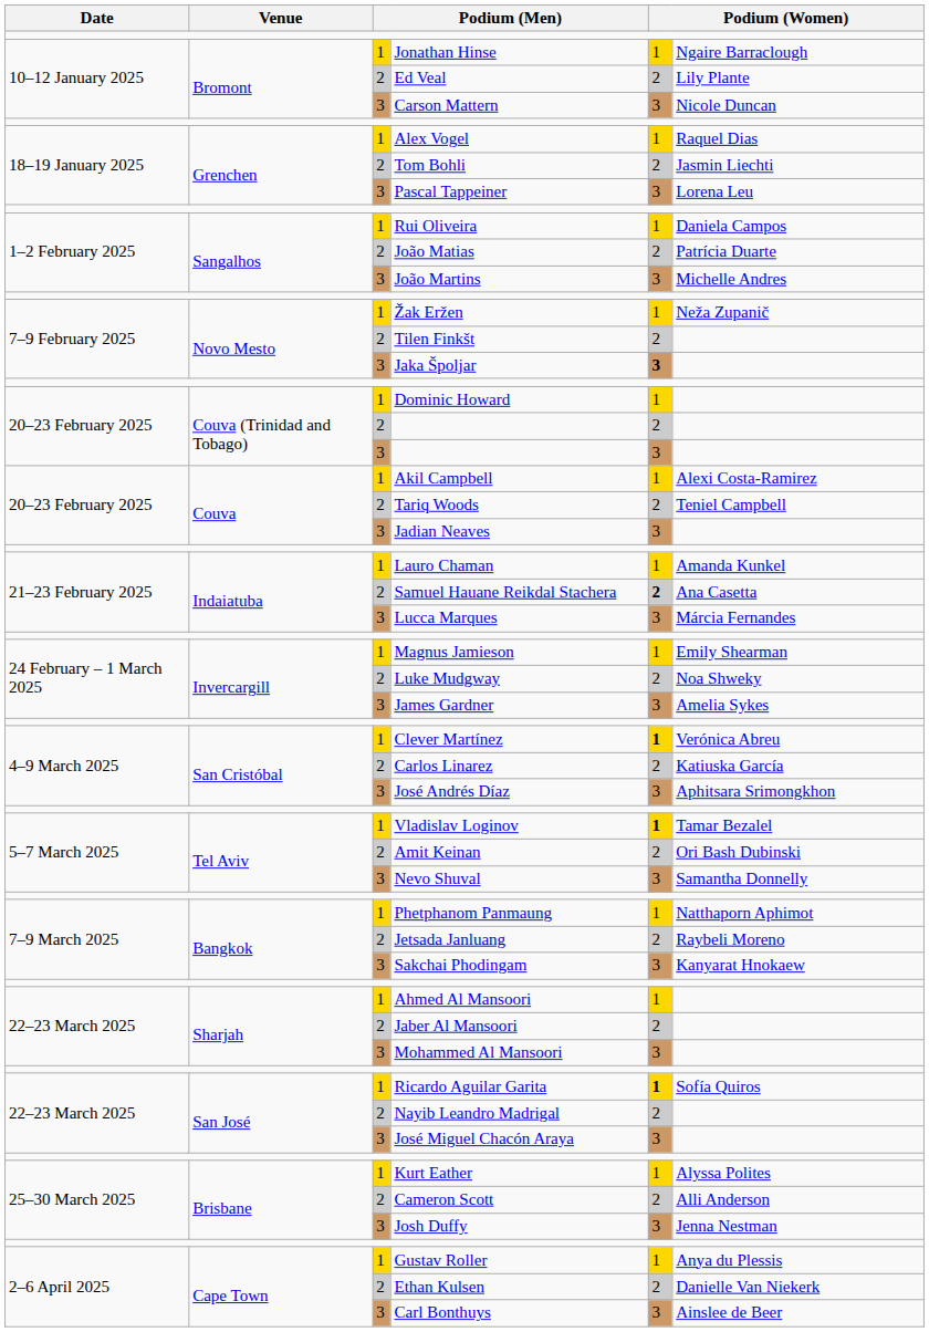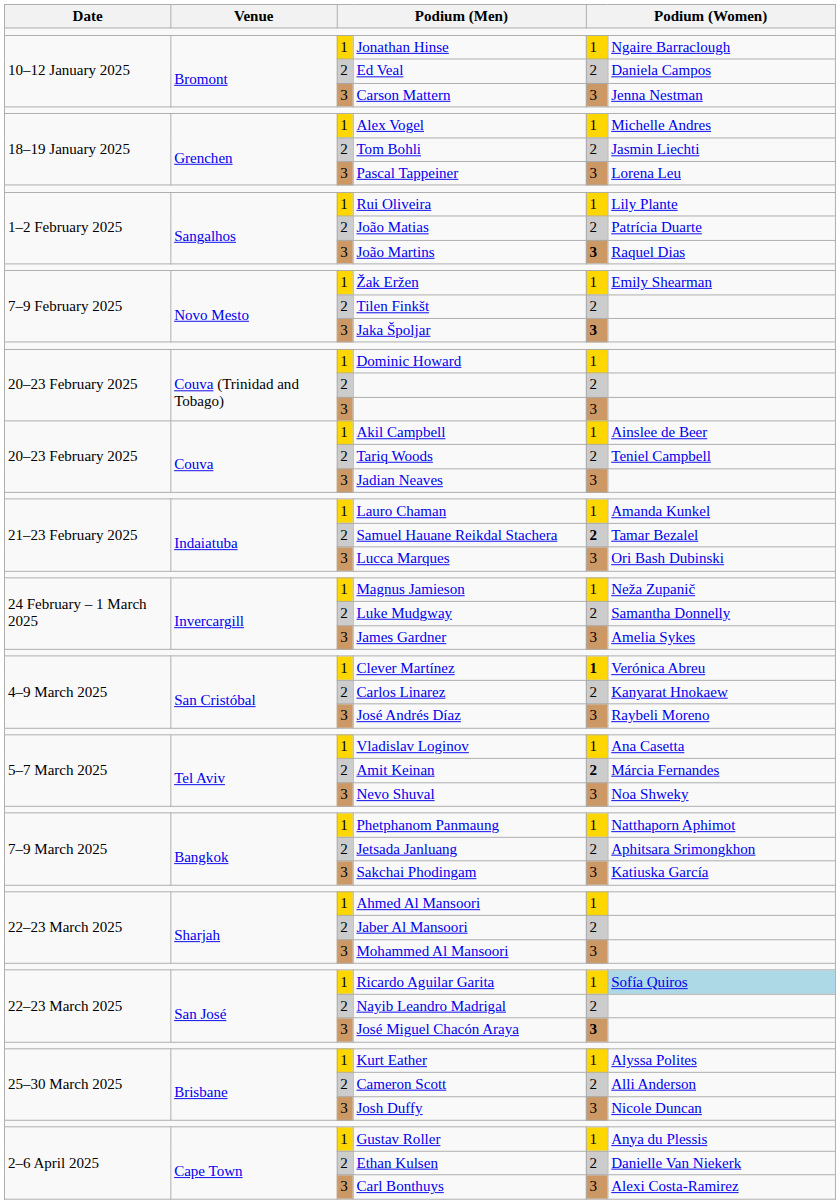 <table class="wikitable" width=70%>
 <tr>
 <th>Date</th>
 <th width=20%>Venue</th>
 <th colspan=2 width=30%>Podium (Men)</th>
 <th colspan=2 width=30%>Podium (Women)</th>
 </tr>
 <tr>
 <td colspan=6></td>
 </tr>
 <tr>
 <td rowspan=3>10–12 January 2025</td>
 <td rowspan=3><br><a href='#'>Bromont</a></td>
 <td bgcolor=FFD700>1</td>
 <td><a href='#'>Jonathan Hinse</a></td>
 <td bgcolor=FFD700>1</td>
 <td><a href='#'>Ngaire Barraclough</a></td>
 </tr>
 <tr>
 <td bgcolor=CCCCCC>2</td>
 <td><a href='#'>Ed Veal</a></td>
 <td bgcolor=CCCCCC>2</td>
-<td><a href='#'>Lily Plante</a></td>
+<td><a href='#'>Daniela Campos</a></td>
 </tr>
 <tr>
 <td bgcolor=CC9966>3</td>
 <td><a href='#'>Carson Mattern</a></td>
 <td bgcolor=CC9966>3</td>
-<td><a href='#'>Nicole Duncan</a></td>
+<td><a href='#'>Jenna Nestman</a></td>
 </tr>
 <tr>
 <td colspan=6></td>
 </tr>
 <tr>
 <td rowspan=3>18–19 January 2025</td>
 <td rowspan=3><br><a href='#'>Grenchen</a></td>
 <td bgcolor=FFD700>1</td>
 <td><a href='#'>Alex Vogel</a></td>
 <td bgcolor=FFD700>1</td>
-<td><a href='#'>Raquel Dias</a></td>
+<td><a href='#'>Michelle Andres</a></td>
 </tr>
 <tr>
 <td bgcolor=CCCCCC>2</td>
 <td><a href='#'>Tom Bohli</a></td>
 <td bgcolor=CCCCCC>2</td>
 <td><a href='#'>Jasmin Liechti</a></td>
 </tr>
 <tr>
 <td bgcolor=CC9966>3</td>
 <td><a href='#'>Pascal Tappeiner</a></td>
 <td bgcolor=CC9966>3</td>
 <td><a href='#'>Lorena Leu</a></td>
 </tr>
 <tr>
 <td colspan=6></td>
 </tr>
 <tr>
 <td rowspan=3>1–2 February 2025</td>
 <td rowspan=3><br><a href='#'>Sangalhos</a></td>
 <td bgcolor=FFD700>1</td>
 <td><a href='#'>Rui Oliveira</a></td>
 <td bgcolor=FFD700>1</td>
-<td><a href='#'>Daniela Campos</a></td>
+<td><a href='#'>Lily Plante</a></td>
 </tr>
 <tr>
 <td bgcolor=CCCCCC>2</td>
 <td><a href='#'>João Matias</a></td>
 <td bgcolor=CCCCCC>2</td>
 <td><a href='#'>Patrícia Duarte</a></td>
 </tr>
 <tr>
 <td bgcolor=CC9966>3</td>
 <td><a href='#'>João Martins</a></td>
-<td bgcolor=CC9966>3</td>
-<td><a href='#'>Michelle Andres</a></td>
+<td bgcolor=CC9966><strong>3</strong></td>
+<td><a href='#'>Raquel Dias</a></td>
 </tr>
 <tr>
 <td colspan=6></td>
 </tr>
 <tr>
 <td rowspan=3>7–9 February 2025</td>
 <td rowspan=3><br><a href='#'>Novo Mesto</a></td>
 <td bgcolor=FFD700>1</td>
 <td><a href='#'>Žak Eržen</a></td>
 <td bgcolor=FFD700>1</td>
-<td><a href='#'>Neža Zupanič</a></td>
+<td><a href='#'>Emily Shearman</a></td>
 </tr>
 <tr>
 <td bgcolor=CCCCCC>2</td>
 <td><a href='#'>Tilen Finkšt</a></td>
 <td bgcolor=CCCCCC>2</td>
 <td></td>
 </tr>
 <tr>
 <td bgcolor=CC9966>3</td>
 <td><a href='#'>Jaka Špoljar</a></td>
 <td bgcolor=CC9966><strong>3</strong></td>
 <td></td>
 </tr>
 <tr>
 <td colspan=6></td>
 </tr>
 <tr>
 <td rowspan=3>20–23 February 2025</td>
 <td rowspan=3><br><a href='#'>Couva</a> (Trinidad and Tobago)</td>
 <td bgcolor=FFD700>1</td>
 <td><a href='#'>Dominic Howard</a></td>
 <td bgcolor=FFD700>1</td>
 <td></td>
 </tr>
 <tr>
 <td bgcolor=CCCCCC>2</td>
 <td></td>
 <td bgcolor=CCCCCC>2</td>
 <td></td>
 </tr>
 <tr>
 <td bgcolor=CC9966>3</td>
 <td></td>
 <td bgcolor=CC9966>3</td>
 <td></td>
 </tr>
 <tr>
 <td rowspan=3>20–23 February 2025</td>
 <td rowspan=3><br><a href='#'>Couva</a></td>
 <td bgcolor=FFD700>1</td>
 <td><a href='#'>Akil Campbell</a></td>
 <td bgcolor=FFD700>1</td>
-<td><a href='#'>Alexi Costa-Ramirez</a></td>
+<td><a href='#'>Ainslee de Beer</a></td>
 </tr>
 <tr>
 <td bgcolor=CCCCCC>2</td>
 <td><a href='#'>Tariq Woods</a></td>
 <td bgcolor=CCCCCC>2</td>
 <td><a href='#'>Teniel Campbell</a></td>
 </tr>
 <tr>
 <td bgcolor=CC9966>3</td>
 <td><a href='#'>Jadian Neaves</a></td>
 <td bgcolor=CC9966>3</td>
 <td></td>
 </tr>
 <tr>
 <td colspan=6></td>
 </tr>
 <tr>
 <td rowspan=3>21–23 February 2025</td>
 <td rowspan=3><br><a href='#'>Indaiatuba</a></td>
 <td bgcolor=FFD700>1</td>
 <td><a href='#'>Lauro Chaman</a></td>
 <td bgcolor=FFD700>1</td>
 <td><a href='#'>Amanda Kunkel</a></td>
 </tr>
 <tr>
 <td bgcolor=CCCCCC>2</td>
 <td><a href='#'>Samuel Hauane Reikdal Stachera</a></td>
 <td bgcolor=CCCCCC><strong>2</strong></td>
-<td><a href='#'>Ana Casetta</a></td>
+<td><a href='#'>Tamar Bezalel</a></td>
 </tr>
 <tr>
 <td bgcolor=CC9966>3</td>
 <td><a href='#'>Lucca Marques</a></td>
 <td bgcolor=CC9966>3</td>
-<td><a href='#'>Márcia Fernandes</a></td>
+<td><a href='#'>Ori Bash Dubinski</a></td>
 </tr>
 <tr>
 <td colspan=6></td>
 </tr>
 <tr>
 <td rowspan=3>24 February – 1 March 2025</td>
 <td rowspan=3><br><a href='#'>Invercargill</a></td>
 <td bgcolor=FFD700>1</td>
 <td><a href='#'>Magnus Jamieson</a></td>
 <td bgcolor=FFD700>1</td>
-<td><a href='#'>Emily Shearman</a></td>
+<td><a href='#'>Neža Zupanič</a></td>
 </tr>
 <tr>
 <td bgcolor=CCCCCC>2</td>
 <td><a href='#'>Luke Mudgway</a></td>
 <td bgcolor=CCCCCC>2</td>
-<td><a href='#'>Noa Shweky</a></td>
+<td><a href='#'>Samantha Donnelly</a></td>
 </tr>
 <tr>
 <td bgcolor=CC9966>3</td>
 <td><a href='#'>James Gardner</a></td>
 <td bgcolor=CC9966>3</td>
 <td><a href='#'>Amelia Sykes</a></td>
 </tr>
 <tr>
 <td colspan=6></td>
 </tr>
 <tr>
 <td rowspan=3>4–9 March 2025</td>
 <td rowspan=3><br><a href='#'>San Cristóbal</a></td>
 <td bgcolor=FFD700>1</td>
 <td><a href='#'>Clever Martínez</a></td>
 <td bgcolor=FFD700><strong>1</strong></td>
 <td><a href='#'>Verónica Abreu</a></td>
 </tr>
 <tr>
 <td bgcolor=CCCCCC>2</td>
 <td><a href='#'>Carlos Linarez</a></td>
 <td bgcolor=CCCCCC>2</td>
-<td><a href='#'>Katiuska García</a></td>
+<td><a href='#'>Kanyarat Hnokaew</a></td>
 </tr>
 <tr>
 <td bgcolor=CC9966>3</td>
 <td><a href='#'>José Andrés Díaz</a></td>
 <td bgcolor=CC9966>3</td>
-<td><a href='#'>Aphitsara Srimongkhon</a></td>
+<td><a href='#'>Raybeli Moreno</a></td>
 </tr>
 <tr>
 <td colspan=6></td>
 </tr>
 <tr>
 <td rowspan=3>5–7 March 2025</td>
 <td rowspan=3><br><a href='#'>Tel Aviv</a></td>
 <td bgcolor=FFD700>1</td>
 <td><a href='#'>Vladislav Loginov</a></td>
-<td bgcolor=FFD700><strong>1</strong></td>
-<td><a href='#'>Tamar Bezalel</a></td>
+<td bgcolor=FFD700>1</td>
+<td><a href='#'>Ana Casetta</a></td>
 </tr>
 <tr>
 <td bgcolor=CCCCCC>2</td>
 <td><a href='#'>Amit Keinan</a></td>
-<td bgcolor=CCCCCC>2</td>
-<td><a href='#'>Ori Bash Dubinski</a></td>
+<td bgcolor=CCCCCC><strong>2</strong></td>
+<td><a href='#'>Márcia Fernandes</a></td>
 </tr>
 <tr>
 <td bgcolor=CC9966>3</td>
 <td><a href='#'>Nevo Shuval</a></td>
 <td bgcolor=CC9966>3</td>
-<td><a href='#'>Samantha Donnelly</a></td>
+<td><a href='#'>Noa Shweky</a></td>
 </tr>
 <tr>
 <td colspan=6></td>
 </tr>
 <tr>
 <td rowspan=3>7–9 March 2025</td>
 <td rowspan=3><br><a href='#'>Bangkok</a></td>
 <td bgcolor=FFD700>1</td>
 <td><a href='#'>Phetphanom Panmaung</a></td>
 <td bgcolor=FFD700>1</td>
 <td><a href='#'>Natthaporn Aphimot</a></td>
 </tr>
 <tr>
 <td bgcolor=CCCCCC>2</td>
 <td><a href='#'>Jetsada Janluang</a></td>
 <td bgcolor=CCCCCC>2</td>
-<td><a href='#'>Raybeli Moreno</a></td>
+<td><a href='#'>Aphitsara Srimongkhon</a></td>
 </tr>
 <tr>
 <td bgcolor=CC9966>3</td>
 <td><a href='#'>Sakchai Phodingam</a></td>
 <td bgcolor=CC9966>3</td>
-<td><a href='#'>Kanyarat Hnokaew</a></td>
+<td><a href='#'>Katiuska García</a></td>
 </tr>
 <tr>
 <td colspan=6></td>
 </tr>
 <tr>
 <td rowspan=3>22–23 March 2025</td>
 <td rowspan=3><br><a href='#'>Sharjah</a></td>
 <td bgcolor=FFD700>1</td>
 <td><a href='#'>Ahmed Al Mansoori</a></td>
 <td bgcolor=FFD700>1</td>
 <td></td>
 </tr>
 <tr>
 <td bgcolor=CCCCCC>2</td>
 <td><a href='#'>Jaber Al Mansoori</a></td>
 <td bgcolor=CCCCCC>2</td>
 <td></td>
 </tr>
 <tr>
 <td bgcolor=CC9966>3</td>
 <td><a href='#'>Mohammed Al Mansoori</a></td>
 <td bgcolor=CC9966>3</td>
 <td></td>
 </tr>
 <tr>
 <td colspan=6></td>
 </tr>
 <tr>
 <td rowspan=3>22–23 March 2025</td>
 <td rowspan=3><br><a href='#'>San José</a></td>
 <td bgcolor=FFD700>1</td>
 <td><a href='#'>Ricardo Aguilar Garita</a></td>
-<td bgcolor=FFD700><strong>1</strong></td>
-<td><a href='#'>Sofía Quiros</a></td>
+<td bgcolor=FFD700>1</td>
+<td style="background: lightblue;"><a href='#'>Sofía Quiros</a></td>
 </tr>
 <tr>
 <td bgcolor=CCCCCC>2</td>
 <td><a href='#'>Nayib Leandro Madrigal</a></td>
 <td bgcolor=CCCCCC>2</td>
 <td></td>
 </tr>
 <tr>
 <td bgcolor=CC9966>3</td>
 <td><a href='#'>José Miguel Chacón Araya</a></td>
-<td bgcolor=CC9966>3</td>
+<td bgcolor=CC9966><strong>3</strong></td>
 <td></td>
 </tr>
 <tr>
 <td colspan=6></td>
 </tr>
 <tr>
 <td rowspan=3>25–30 March 2025</td>
 <td rowspan=3><br><a href='#'>Brisbane</a></td>
 <td bgcolor=FFD700>1</td>
 <td><a href='#'>Kurt Eather</a></td>
 <td bgcolor=FFD700>1</td>
 <td><a href='#'>Alyssa Polites</a></td>
 </tr>
 <tr>
 <td bgcolor=CCCCCC>2</td>
 <td><a href='#'>Cameron Scott</a></td>
 <td bgcolor=CCCCCC>2</td>
 <td><a href='#'>Alli Anderson</a></td>
 </tr>
 <tr>
 <td bgcolor=CC9966>3</td>
 <td><a href='#'>Josh Duffy</a></td>
 <td bgcolor=CC9966>3</td>
-<td><a href='#'>Jenna Nestman</a></td>
+<td><a href='#'>Nicole Duncan</a></td>
 </tr>
 <tr>
 <td colspan=6></td>
 </tr>
 <tr>
 <td rowspan=3>2–6 April 2025</td>
 <td rowspan=3><br><a href='#'>Cape Town</a></td>
 <td bgcolor=FFD700>1</td>
 <td><a href='#'>Gustav Roller</a></td>
 <td bgcolor=FFD700>1</td>
 <td><a href='#'>Anya du Plessis</a></td>
 </tr>
 <tr>
 <td bgcolor=CCCCCC>2</td>
 <td><a href='#'>Ethan Kulsen</a></td>
 <td bgcolor=CCCCCC>2</td>
 <td><a href='#'>Danielle Van Niekerk</a></td>
 </tr>
 <tr>
 <td bgcolor=CC9966>3</td>
 <td><a href='#'>Carl Bonthuys</a></td>
 <td bgcolor=CC9966>3</td>
-<td><a href='#'>Ainslee de Beer</a></td>
+<td><a href='#'>Alexi Costa-Ramirez</a></td>
 </tr>
 </table>
